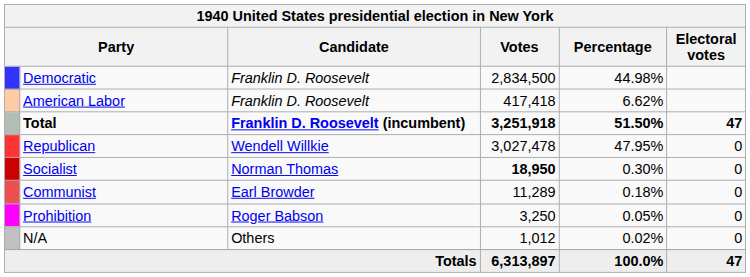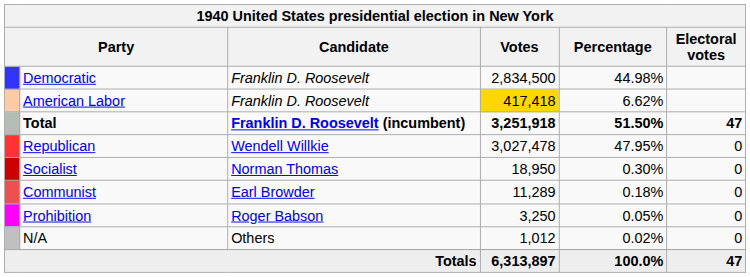 <table class="wikitable" style="font-size: 95%;">
 <tr>
 <th colspan="6">1940 United States presidential election in New York</th>
 </tr>
 <tr>
 <th colspan="2" style="width: 15em">Party</th>
 <th style="width: 17em">Candidate</th>
 <th style="width: 5em">Votes</th>
 <th style="width: 7em">Percentage</th>
 <th style="width: 5em">Electoral votes</th>
 </tr>
 <tr>
 <th style="background-color:#3333FF; width: 3px"></th>
 <td style="width: 130px"><a href='#'>Democratic</a></td>
 <td><em>Franklin D. Roosevelt</em></td>
 <td align="right">2,834,500</td>
 <td align="right">44.98%</td>
 <td align="right"></td>
 </tr>
 <tr>
 <th style="background-color:#FFCBA4; width: 3px"></th>
 <td style="width: 130px"><a href='#'>American Labor</a></td>
 <td><em>Franklin D. Roosevelt</em></td>
-<td align="right">417,418</td>
+<td align="right" style="background: gold;">417,418</td>
 <td align="right">6.62%</td>
 <td align="right"></td>
 </tr>
 <tr>
 <th style="background-color:#B2BEB5; width: 3px"></th>
 <td style="width: 130px"><strong>Total</strong></td>
 <td><strong><a href='#'>Franklin D. Roosevelt</a> (incumbent)</strong></td>
 <td align="right"><strong>3,251,918</strong></td>
 <td align="right"><strong>51.50%</strong></td>
 <td align="right"><strong>47</strong></td>
 </tr>
 <tr>
 <th style="background-color:#FF3333; width: 3px"></th>
 <td style="width: 130px"><a href='#'>Republican</a></td>
 <td><a href='#'>Wendell Willkie</a></td>
 <td align="right">3,027,478</td>
 <td align="right">47.95%</td>
 <td align="right">0</td>
 </tr>
 <tr>
 <th style="background-color:#CC0000; width: 3px"></th>
 <td style="width: 130px"><a href='#'>Socialist</a></td>
 <td><a href='#'>Norman Thomas</a></td>
-<td align="right"><strong>18,950</strong></td>
+<td align="right">18,950</td>
 <td align="right">0.30%</td>
 <td align="right">0</td>
 </tr>
 <tr>
 <th style="background-color:#EC5050; width: 3px"></th>
 <td style="width: 130px"><a href='#'>Communist</a></td>
 <td><a href='#'>Earl Browder</a></td>
 <td align="right">11,289</td>
 <td align="right">0.18%</td>
 <td align="right">0</td>
 </tr>
 <tr>
 <th style="background-color:#FF00FF; width: 3px"></th>
 <td style="width: 130px"><a href='#'>Prohibition</a></td>
 <td><a href='#'>Roger Babson</a></td>
 <td align="right">3,250</td>
 <td align="right">0.05%</td>
 <td align="right">0</td>
 </tr>
 <tr>
 <th style="background-color:#C0C0C0; width: 3px"></th>
 <td style="width: 130px">N/A</td>
 <td>Others</td>
 <td align="right">1,012</td>
 <td align="right">0.02%</td>
 <td align="right">0</td>
 </tr>
 <tr>
 </tr>
 <tr bgcolor="#EEEEEE">
 <td colspan="3" align="right"><strong>Totals</strong></td>
 <td align="right"><strong>6,313,897</strong></td>
 <td align="right"><strong>100.0%</strong></td>
 <td align="right"><strong>47</strong></td>
 </tr>
 </table>
